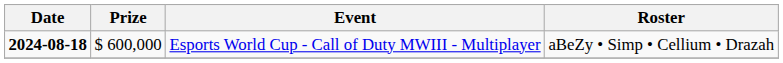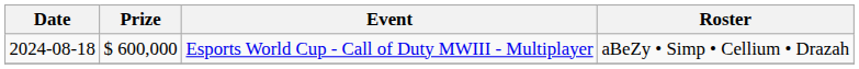 <table class="wikitable sortable">
 <tr>
 <th>Date</th>
 <th>Prize</th>
 <th>Event</th>
 <th>Roster</th>
 </tr>
 <tr>
-<td><strong>2024-08-18</strong></td>
+<td>2024-08-18</td>
 <td>$ 600,000</td>
 <td><a href='#'>Esports World Cup - Call of Duty MWIII - Multiplayer</a></td>
 <td>aBeZy • Simp • Cellium • Drazah</td>
 </tr>
 <tr>
 </tr>
 </table>
